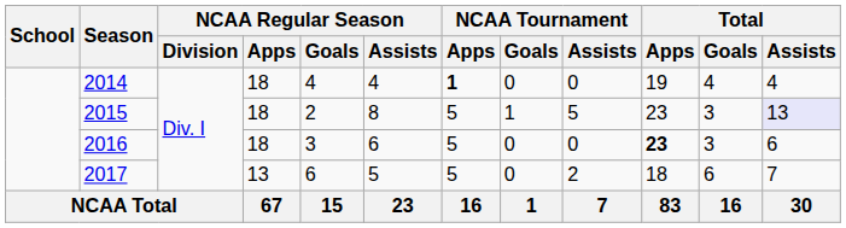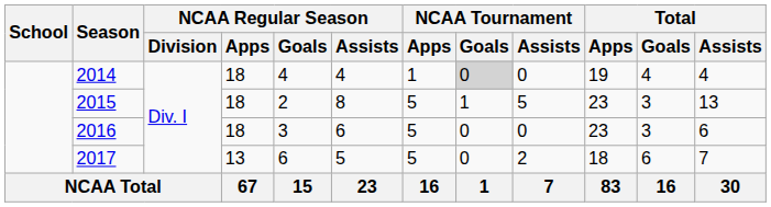 <table class="wikitable">
 <tr>
 <th rowspan="2">School</th>
 <th rowspan="2">Season</th>
 <th colspan="4">NCAA Regular Season</th>
 <th colspan="3">NCAA Tournament</th>
 <th colspan="3">Total</th>
 </tr>
 <tr>
 <th>Division</th>
 <th>Apps</th>
 <th>Goals</th>
 <th>Assists</th>
 <th>Apps</th>
 <th>Goals</th>
 <th>Assists</th>
 <th>Apps</th>
 <th>Goals</th>
 <th>Assists</th>
 </tr>
 <tr>
 <td rowspan="4"></td>
 <td><a href='#'>2014</a></td>
 <td rowspan="4"><a href='#'>Div. I</a></td>
 <td>18</td>
 <td>4</td>
 <td>4</td>
-<td><strong>1</strong></td>
-<td>0</td>
+<td>1</td>
+<td style="background: lightgrey;">0</td>
 <td>0</td>
 <td>19</td>
 <td>4</td>
 <td>4</td>
 </tr>
 <tr>
 <td><a href='#'>2015</a></td>
 <td>18</td>
 <td>2</td>
 <td>8</td>
 <td>5</td>
 <td>1</td>
 <td>5</td>
 <td>23</td>
 <td>3</td>
-<td style="background: lavender;">13</td>
+<td>13</td>
 </tr>
 <tr>
 <td><a href='#'>2016</a></td>
 <td>18</td>
 <td>3</td>
 <td>6</td>
 <td>5</td>
 <td>0</td>
 <td>0</td>
-<td><strong>23</strong></td>
+<td>23</td>
 <td>3</td>
 <td>6</td>
 </tr>
 <tr>
 <td><a href='#'>2017</a></td>
 <td>13</td>
 <td>6</td>
 <td>5</td>
 <td>5</td>
 <td>0</td>
 <td>2</td>
 <td>18</td>
 <td>6</td>
 <td>7</td>
 </tr>
 <tr>
 <th colspan="3">NCAA Total</th>
 <th>67</th>
 <th>15</th>
 <th>23</th>
 <th>16</th>
 <th>1</th>
 <th>7</th>
 <th>83</th>
 <th>16</th>
 <th>30</th>
 </tr>
 </table>
